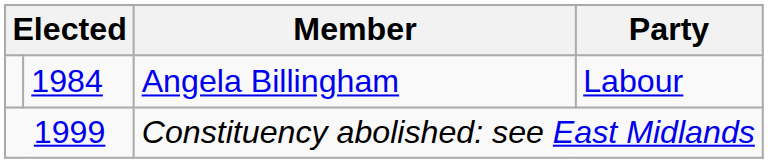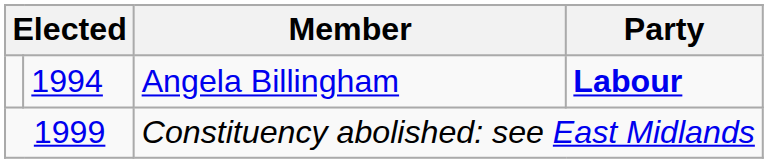 <table class="wikitable">
 <tr>
 <th colspan = "2">Elected</th>
 <th>Member</th>
 <th>Party</th>
 </tr>
 <tr>
 <td style="background-color: "></td>
-<td><a href='#'>1984</a></td>
+<td><a href='#'>1994</a></td>
 <td><a href='#'>Angela Billingham</a></td>
-<td><a href='#'>Labour</a></td>
+<td><strong><a href='#'>Labour</a></strong></td>
 </tr>
 <tr>
 <td colspan="2" align="center"><a href='#'>1999</a></td>
 <td colspan="2"><em>Constituency abolished: see <a href='#'>East Midlands</a></em></td>
 </tr>
 </table>
